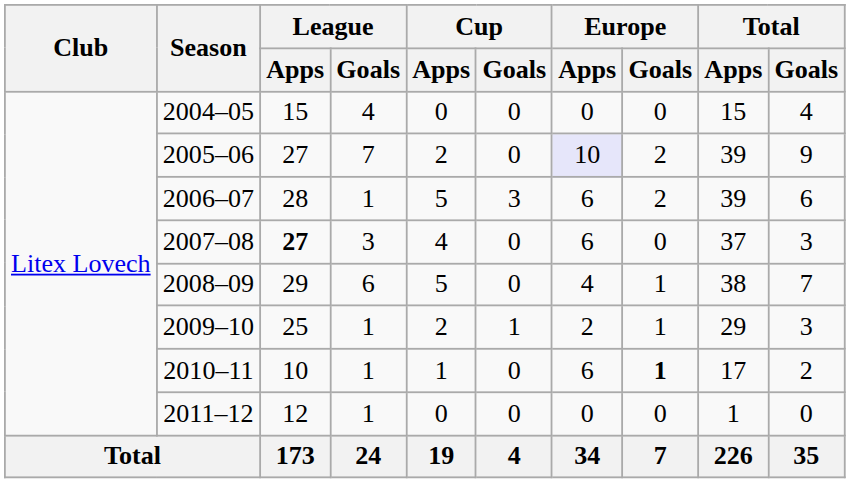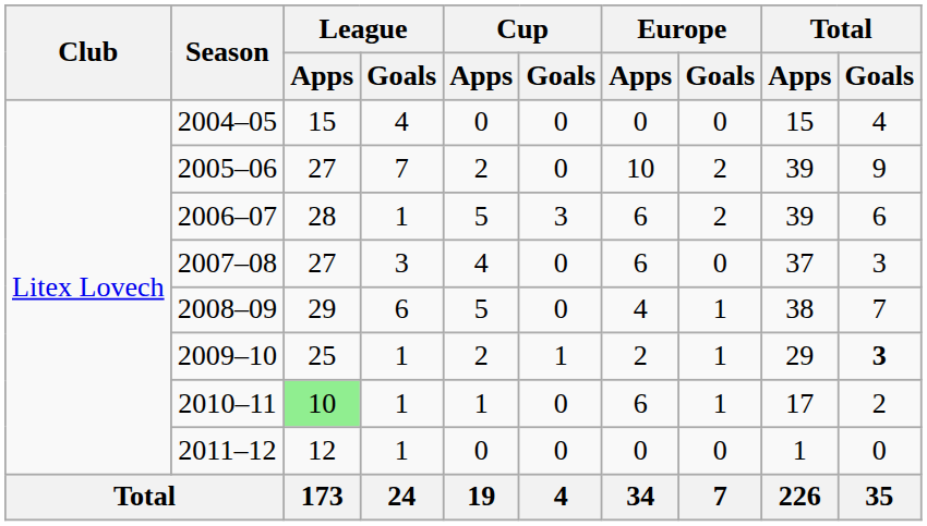 <table class="wikitable" style="font-size:90%; text-align: center">
 <tr>
 <th rowspan=2>Club</th>
 <th rowspan=2>Season</th>
 <th colspan=2>League</th>
 <th colspan=2>Cup</th>
 <th colspan=2>Europe</th>
 <th colspan=2>Total</th>
 </tr>
 <tr>
 <th>Apps</th>
 <th>Goals</th>
 <th>Apps</th>
 <th>Goals</th>
 <th>Apps</th>
 <th>Goals</th>
 <th>Apps</th>
 <th>Goals</th>
 </tr>
 <tr>
 <td rowspan=8><a href='#'>Litex Lovech</a></td>
 <td>2004–05</td>
 <td>15</td>
 <td>4</td>
 <td>0</td>
 <td>0</td>
 <td>0</td>
 <td>0</td>
 <td>15</td>
 <td>4</td>
 </tr>
 <tr>
 <td>2005–06</td>
 <td>27</td>
 <td>7</td>
 <td>2</td>
 <td>0</td>
-<td style="background: lavender;">10</td>
+<td>10</td>
 <td>2</td>
 <td>39</td>
 <td>9</td>
 </tr>
 <tr>
 <td>2006–07</td>
 <td>28</td>
 <td>1</td>
 <td>5</td>
 <td>3</td>
 <td>6</td>
 <td>2</td>
 <td>39</td>
 <td>6</td>
 </tr>
 <tr>
 <td>2007–08</td>
-<td><strong>27</strong></td>
+<td>27</td>
 <td>3</td>
 <td>4</td>
 <td>0</td>
 <td>6</td>
 <td>0</td>
 <td>37</td>
 <td>3</td>
 </tr>
 <tr>
 <td>2008–09</td>
 <td>29</td>
 <td>6</td>
 <td>5</td>
 <td>0</td>
 <td>4</td>
 <td>1</td>
 <td>38</td>
 <td>7</td>
 </tr>
 <tr>
 <td>2009–10</td>
 <td>25</td>
 <td>1</td>
 <td>2</td>
 <td>1</td>
 <td>2</td>
 <td>1</td>
 <td>29</td>
-<td>3</td>
+<td><strong>3</strong></td>
 </tr>
 <tr>
 <td>2010–11</td>
-<td>10</td>
+<td style="background: lightgreen;">10</td>
 <td>1</td>
 <td>1</td>
 <td>0</td>
 <td>6</td>
-<td><strong>1</strong></td>
+<td>1</td>
 <td>17</td>
 <td>2</td>
 </tr>
 <tr>
 <td>2011–12</td>
 <td>12</td>
 <td>1</td>
 <td>0</td>
 <td>0</td>
 <td>0</td>
 <td>0</td>
 <td>1</td>
 <td>0</td>
 </tr>
 <tr>
 <th colspan=2>Total</th>
 <th>173</th>
 <th>24</th>
 <th>19</th>
 <th>4</th>
 <th>34</th>
 <th>7</th>
 <th>226</th>
 <th>35</th>
 </tr>
 </table>
